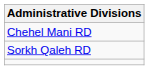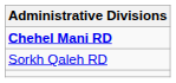 <table class="wikitable">
 <tr>
 <th>Administrative Divisions</th>
 </tr>
 <tr>
-<td><a href='#'>Chehel Mani RD</a></td>
+<td><strong><a href='#'>Chehel Mani RD</a></strong></td>
 </tr>
 <tr>
 <td><a href='#'>Sorkh Qaleh RD</a></td>
 </tr>
 <tr>
 <td colspan=1></td>
 </tr>
 </table>
